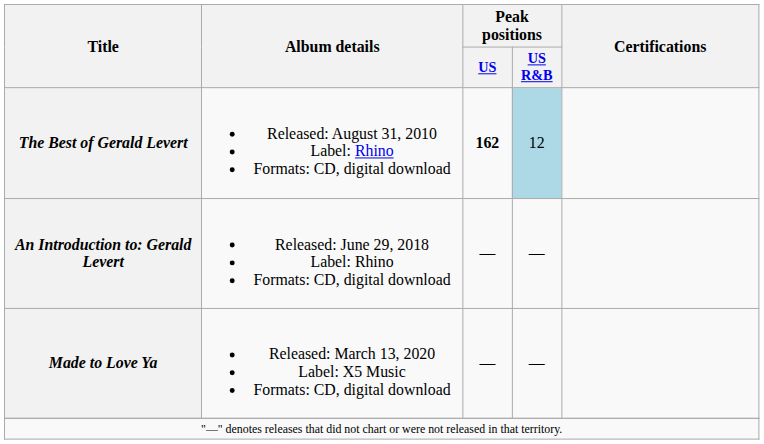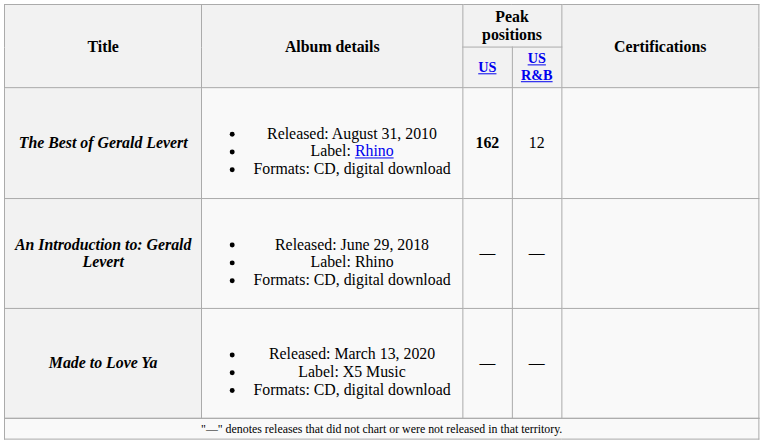 <table class="wikitable plainrowheaders" style="text-align:center;" border="1">
 <tr>
 <th scope="col" rowspan="2" style="width:12em;">Title</th>
 <th scope="col" rowspan="2" style="width:16em;">Album details</th>
 <th scope="col" colspan="2">Peak positions</th>
 <th scope="col" rowspan="2" style="width:12em;">Certifications</th>
 </tr>
 <tr>
 <th scope="col" style="width:3em;font-size:90%;"><a href='#'>US</a><br></th>
 <th scope="col" style="width:3em;font-size:90%;"><a href='#'>US<br>R&B</a><br></th>
 </tr>
 <tr>
 <th scope="row"><em>The Best of Gerald Levert</em></th>
 <td><br><ul><li>Released: August 31, 2010</li><li>Label: <a href='#'>Rhino</a></li><li>Formats: CD, digital download</li></ul></td>
 <td><strong>162</strong></td>
-<td style="background: lightblue;">12</td>
+<td>12</td>
 <td></td>
 </tr>
 <tr>
 <th scope="row"><em>An Introduction to: Gerald Levert</em></th>
 <td><br><ul><li>Released: June 29, 2018</li><li>Label: Rhino</li><li>Formats: CD, digital download</li></ul></td>
 <td>—</td>
 <td>—</td>
 <td></td>
 </tr>
 <tr>
 <th scope="row"><em>Made to Love Ya</em></th>
 <td><br><ul><li>Released: March 13, 2020</li><li>Label: X5 Music</li><li>Formats: CD, digital download</li></ul></td>
 <td>—</td>
 <td>—</td>
 <td></td>
 </tr>
 <tr>
 </tr>
 <tr>
 <td colspan="6" style="text-align:center; font-size:9pt;">"—" denotes releases that did not chart or were not released in that territory.</td>
 </tr>
 </table>
